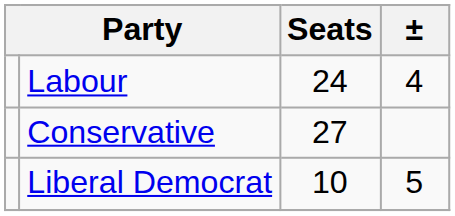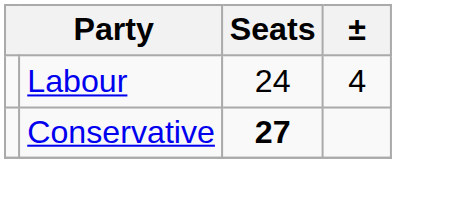 <table class="sortable wikitable">
 <tr>
 <th colspan="2">Party</th>
 <th>Seats</th>
 <th>  ±  </th>
 </tr>
 <tr>
 <td style="background-color: "></td>
 <td><a href='#'>Labour</a></td>
 <td align="center">24</td>
 <td align="center">4</td>
 </tr>
 <tr>
 <td style="background-color: "></td>
 <td><a href='#'>Conservative</a></td>
-<td align="center">27</td>
+<td align="center"><strong>27</strong></td>
 <td align="center"></td>
-</tr>
-<tr>
-<td style="background-color: "></td>
-<td><a href='#'>Liberal Democrat</a></td>
-<td align="center">10</td>
-<td align="center">5</td>
 </tr>
 <tr>
 </tr>
 </table>
